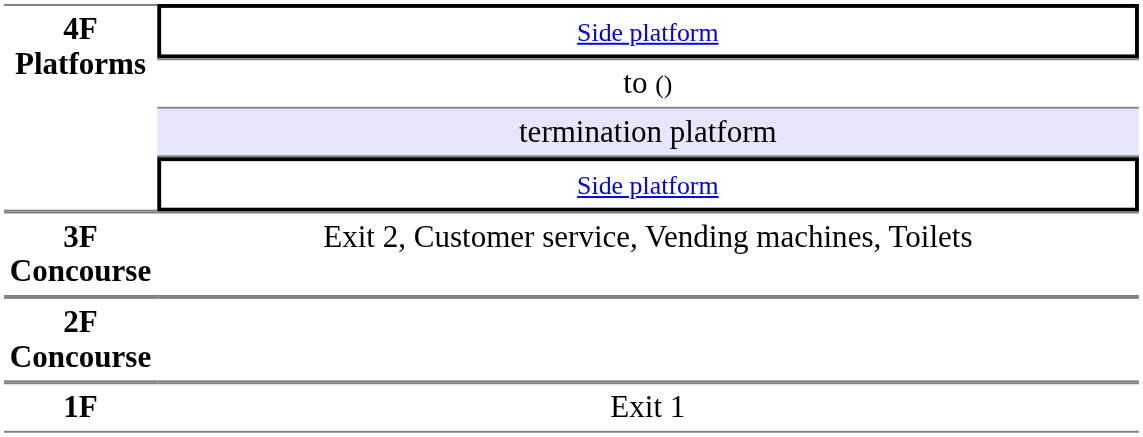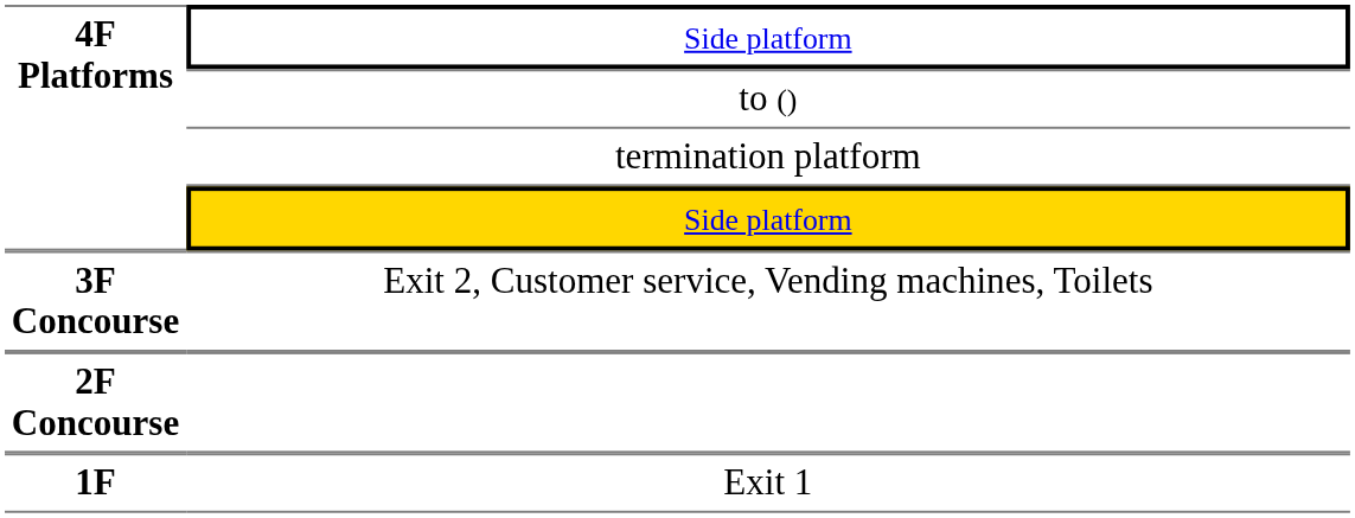 <table table border=0 cellspacing=0 cellpadding=3>
 <tr>
 <td style="border-bottom:solid 1px gray;border-top:solid 1px gray;text-align:center" rowspan="4" valign=top width=50><strong>4F<br>Platforms</strong></td>
 <td style="border-right:solid 2px black;border-left:solid 2px black;border-top:solid 2px black;border-bottom:solid 2px black;text-align:center;"><small><a href='#'>Side platform</a></small></td>
 </tr>
 <tr>
 <td style="border-bottom:solid 1px gray;border-top:solid 1px gray;text-align:center;">  to  <small>()</small></td>
 </tr>
 <tr>
-<td style="background: lavender; border-bottom:solid 1px gray;text-align:center;"> termination platform </td>
+<td style="border-bottom:solid 1px gray;text-align:center;"> termination platform </td>
 </tr>
 <tr>
-<td style="border-right:solid 2px black;border-left:solid 2px black;border-top:solid 2px black;border-bottom:solid 2px black;text-align:center;"><small><a href='#'>Side platform</a></small></td>
+<td style="background: gold; border-right:solid 2px black;border-left:solid 2px black;border-top:solid 2px black;border-bottom:solid 2px black;text-align:center;"><small><a href='#'>Side platform</a></small></td>
 </tr>
 <tr>
 <td style="border-bottom:solid 1px gray; border-top:solid 1px gray;text-align:center" valign=top><strong>3F<br>Concourse</strong></td>
 <td style="border-bottom:solid 1px gray; border-top:solid 1px gray;text-align:center" valign=top width=500>Exit 2, Customer service, Vending machines, Toilets</td>
 </tr>
 <tr>
 <td style="border-bottom:solid 1px gray; border-top:solid 1px gray;text-align:center" valign=top><strong>2F<br>Concourse</strong></td>
 <td style="border-bottom:solid 1px gray; border-top:solid 1px gray;text-align:center" valign=top width=500></td>
 </tr>
 <tr>
 <td style="border-bottom:solid 1px gray; border-top:solid 1px gray;text-align:center" valign=top><strong>1F</strong></td>
 <td style="border-bottom:solid 1px gray; border-top:solid 1px gray;text-align:center" valign=top width=500>Exit 1</td>
 </tr>
 </table>
